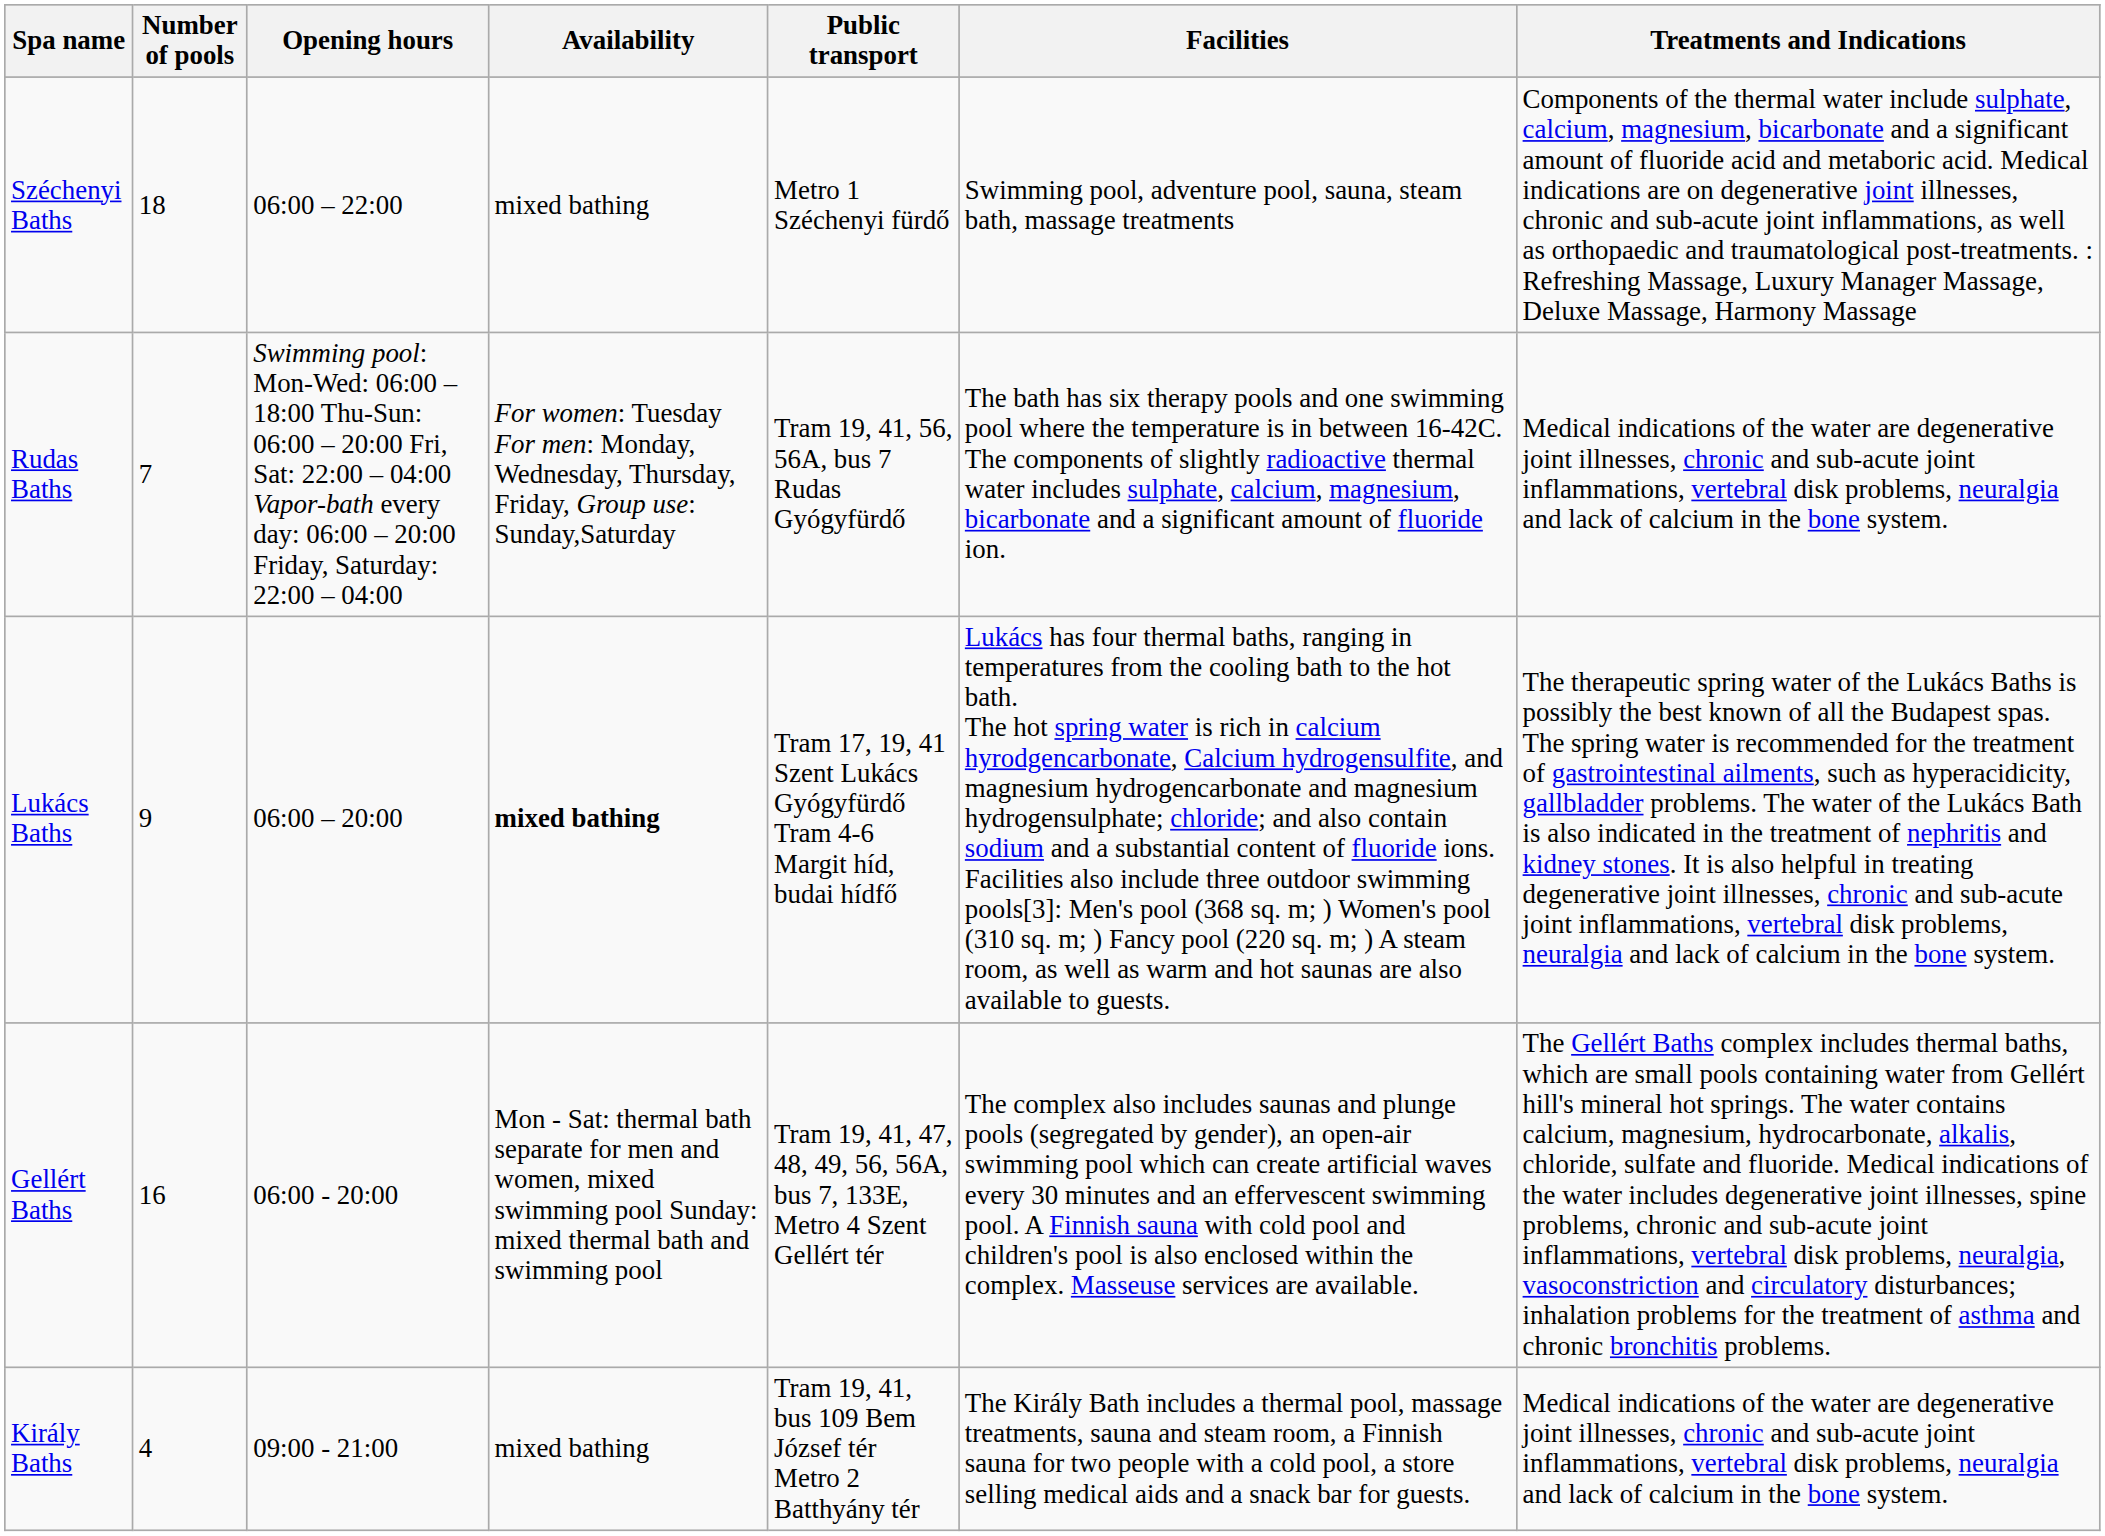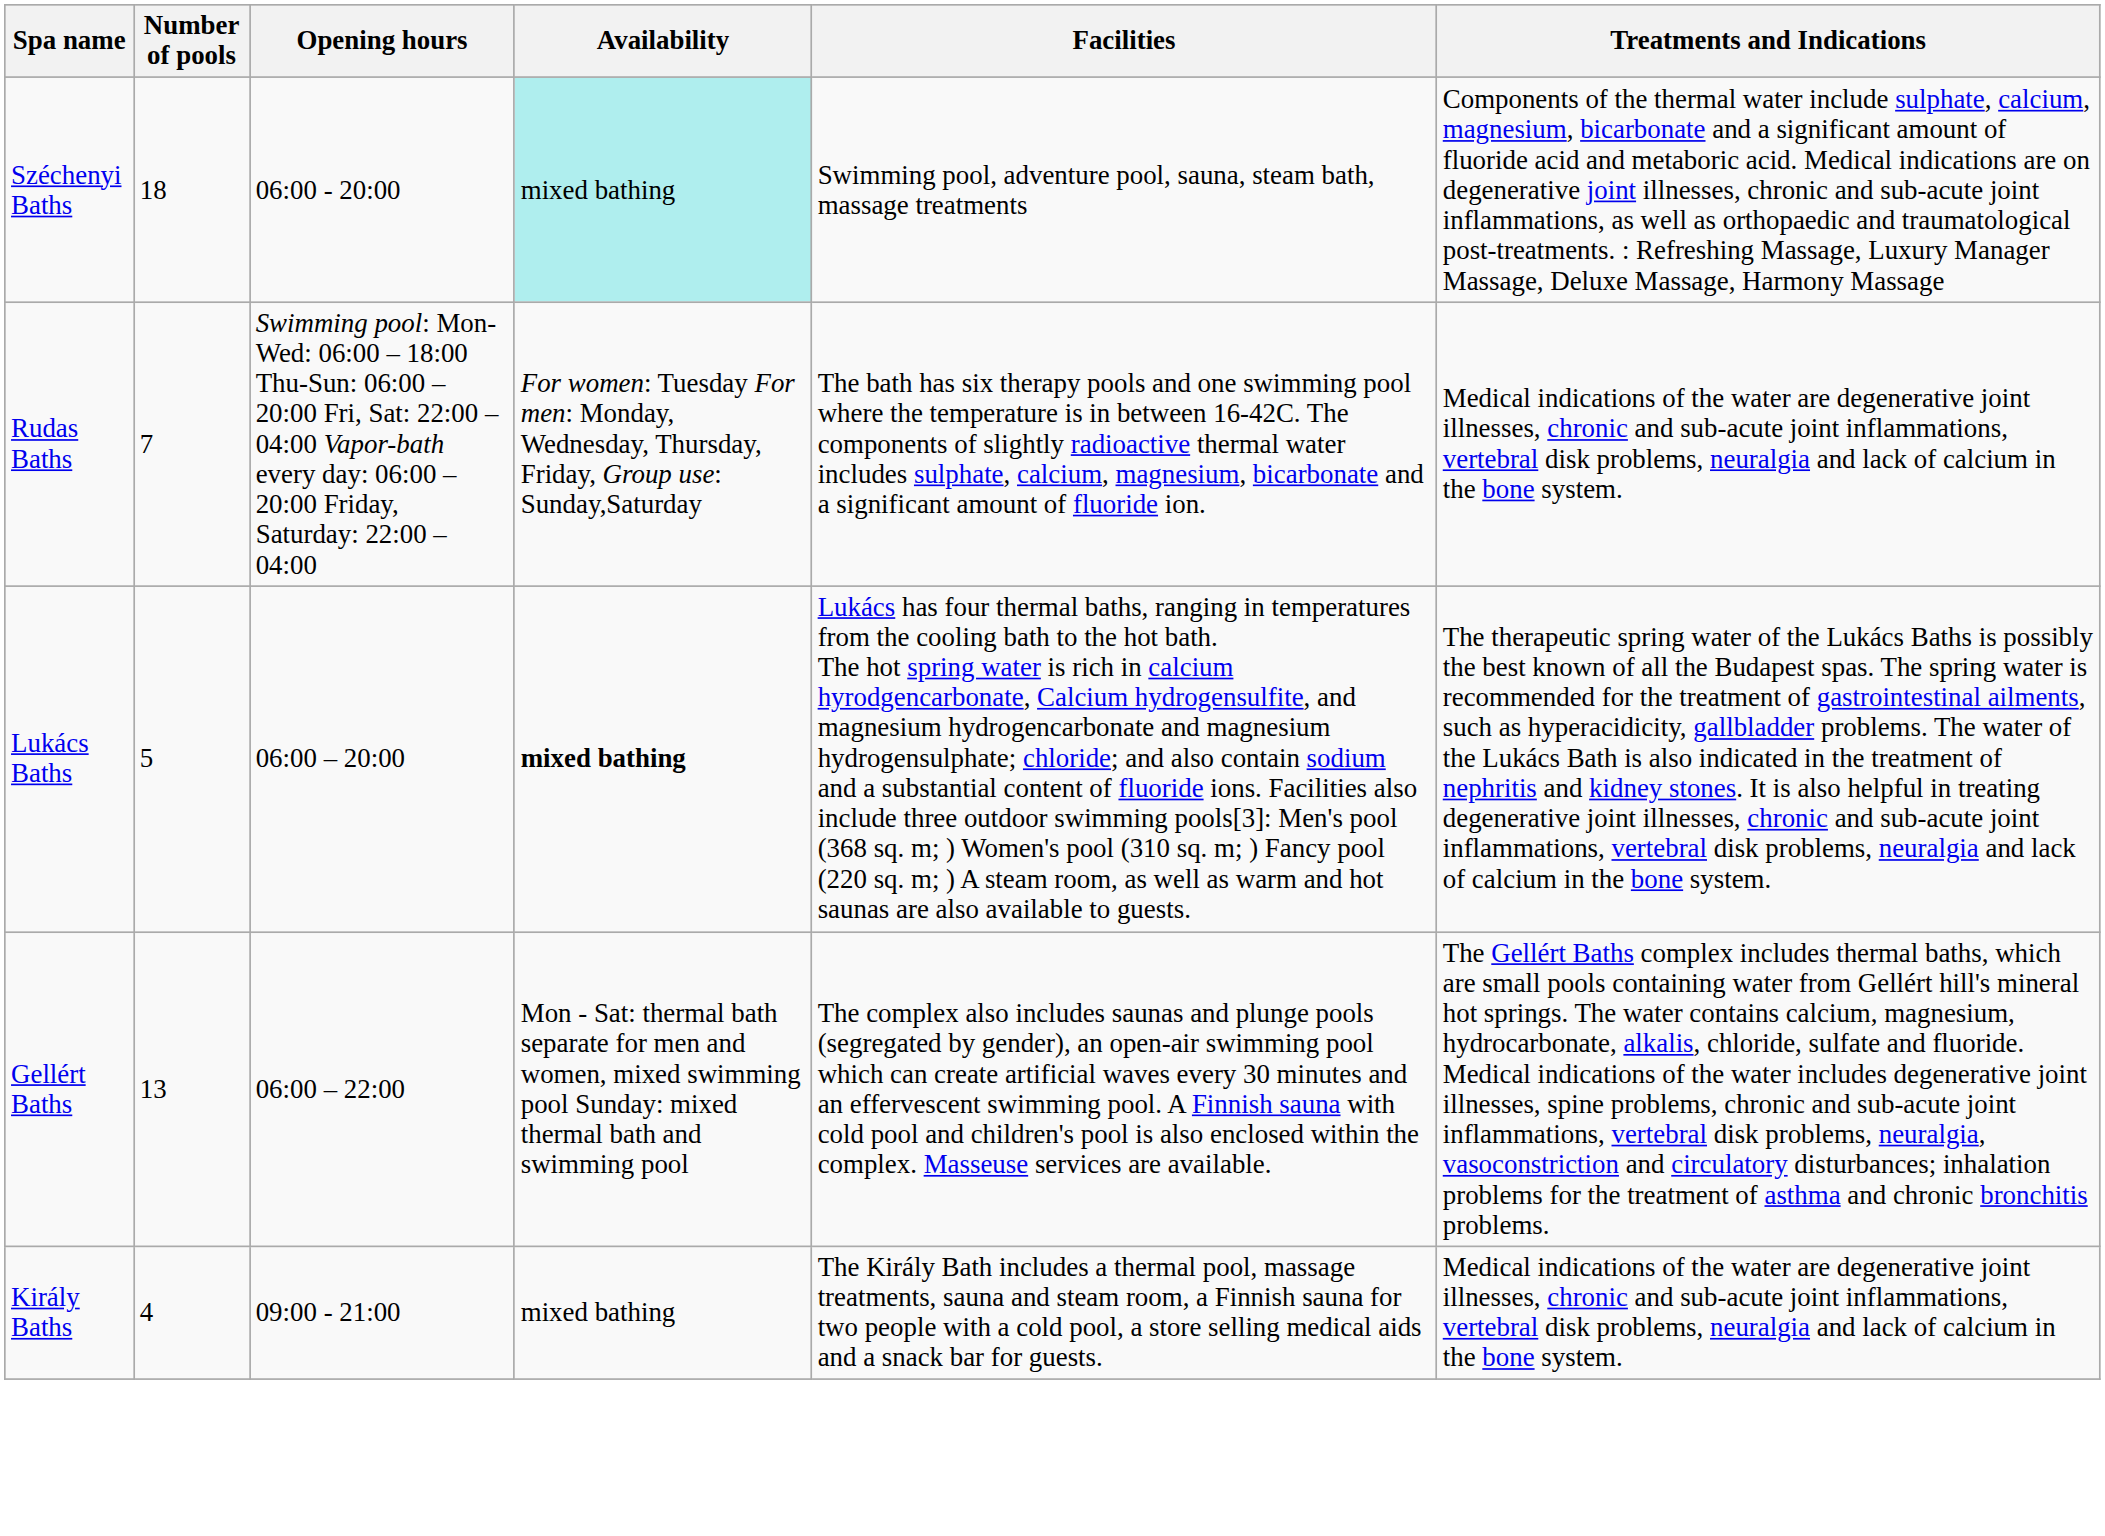 <table class="wikitable">
 <tr>
 <th>Spa name</th>
 <th>Number of pools</th>
 <th>Opening hours</th>
 <th>Availability</th>
-<th>Public transport</th>
 <th>Facilities</th>
 <th>Treatments and Indications</th>
 </tr>
 <tr>
 <td><a href='#'>Széchenyi Baths</a></td>
 <td>18</td>
-<td>06:00 – 22:00</td>
-<td>mixed bathing</td>
-<td>Metro 1 Széchenyi fürdő</td>
+<td>06:00 - 20:00</td>
+<td style="background: paleturquoise;">mixed bathing</td>
 <td>Swimming pool, adventure pool, sauna, steam bath, massage treatments</td>
 <td>Components of the thermal water include <a href='#'>sulphate</a>, <a href='#'>calcium</a>, <a href='#'>magnesium</a>, <a href='#'>bicarbonate</a> and a significant amount of fluoride acid and metaboric acid. Medical indications are on degenerative <a href='#'>joint</a> illnesses, chronic and sub-acute joint inflammations, as well as orthopaedic and traumatological post-treatments.  : Refreshing Massage, Luxury Manager Massage, Deluxe Massage, Harmony Massage</td>
 </tr>
 <tr>
 <td><a href='#'>Rudas Baths</a></td>
 <td>7</td>
 <td><em>Swimming pool</em>: Mon-Wed: 06:00 – 18:00 Thu-Sun: 06:00 – 20:00 Fri, Sat: 22:00 – 04:00 <em>Vapor-bath</em> every day: 06:00 – 20:00 Friday, Saturday: 22:00 – 04:00</td>
 <td><em>For women</em>: Tuesday <em>For men</em>: Monday, Wednesday, Thursday, Friday, <em>Group use</em>: Sunday,Saturday</td>
-<td>Tram 19, 41, 56, 56A, bus 7 Rudas Gyógyfürdő</td>
 <td>The bath has six therapy pools and one swimming pool where the temperature is in between 16-42C. The components of slightly <a href='#'>radioactive</a> thermal water includes <a href='#'>sulphate</a>, <a href='#'>calcium</a>, <a href='#'>magnesium</a>, <a href='#'>bicarbonate</a> and a significant amount of <a href='#'>fluoride</a> ion.</td>
 <td>Medical indications of the water are degenerative joint illnesses, <a href='#'>chronic</a> and sub-acute joint inflammations, <a href='#'>vertebral</a> disk problems, <a href='#'>neuralgia</a> and lack of calcium in the <a href='#'>bone</a> system.</td>
 </tr>
 <tr>
 <td><a href='#'>Lukács Baths</a></td>
-<td>9</td>
+<td>5</td>
 <td>06:00 – 20:00</td>
 <td><strong>mixed bathing</strong></td>
-<td>Tram 17, 19, 41 Szent Lukács Gyógyfürdő<br>Tram 4-6 Margit híd, budai hídfő</td>
 <td><a href='#'>Lukács</a> has four thermal baths, ranging in temperatures from the  cooling bath to the  hot bath.<br>The hot <a href='#'>spring water</a> is rich in <a href='#'>calcium hyrodgencarbonate</a>, <a href='#'>Calcium hydrogensulfite</a>, and magnesium hydrogencarbonate and magnesium hydrogensulphate; <a href='#'>chloride</a>; and also contain <a href='#'>sodium</a> and a substantial content of <a href='#'>fluoride</a> ions. Facilities also include three outdoor swimming pools[3]: Men's pool (368 sq. m; ) Women's pool (310 sq. m; ) Fancy pool (220 sq. m; ) A steam room, as well as warm and hot saunas are also available to guests.</td>
 <td>The therapeutic spring water of the Lukács Baths is possibly the best known of all the Budapest spas. The spring water is recommended for the treatment of <a href='#'>gastrointestinal ailments</a>, such as hyperacidicity, <a href='#'>gallbladder</a> problems. The water of the Lukács Bath is also indicated in the treatment of <a href='#'>nephritis</a> and <a href='#'>kidney stones</a>. It is also helpful in treating degenerative joint illnesses, <a href='#'>chronic</a> and sub-acute joint inflammations, <a href='#'>vertebral</a> disk problems, <a href='#'>neuralgia</a> and lack of calcium in the <a href='#'>bone</a> system.</td>
 </tr>
 <tr>
 <td><a href='#'>Gellért Baths</a></td>
-<td>16</td>
-<td>06:00 - 20:00</td>
+<td>13</td>
+<td>06:00 – 22:00</td>
 <td>Mon - Sat: thermal bath separate for men and women, mixed swimming pool Sunday: mixed thermal bath and swimming pool</td>
-<td>Tram 19, 41, 47, 48, 49, 56, 56A, bus 7, 133E, Metro 4 Szent Gellért tér</td>
 <td>The complex also includes saunas and plunge pools (segregated by gender), an open-air swimming pool which can create artificial waves every 30 minutes and an effervescent swimming pool. A <a href='#'>Finnish sauna</a> with cold pool and children's pool is also enclosed within the complex. <a href='#'>Masseuse</a> services are available.</td>
 <td>The <a href='#'>Gellért Baths</a> complex includes thermal baths, which are small pools containing water from Gellért hill's mineral hot springs. The water contains calcium, magnesium, hydrocarbonate, <a href='#'>alkalis</a>, chloride, sulfate and fluoride. Medical indications of the water includes degenerative joint illnesses, spine problems, chronic and sub-acute joint inflammations, <a href='#'>vertebral</a> disk problems, <a href='#'>neuralgia</a>, <a href='#'>vasoconstriction</a> and <a href='#'>circulatory</a> disturbances; inhalation problems for the treatment of <a href='#'>asthma</a> and chronic <a href='#'>bronchitis</a> problems.</td>
 </tr>
 <tr>
 <td><a href='#'>Király Baths</a></td>
 <td>4</td>
 <td>09:00 - 21:00</td>
 <td>mixed bathing</td>
-<td>Tram 19, 41, bus 109 Bem József tér<br>Metro 2 Batthyány tér</td>
 <td>The Király Bath includes a thermal pool, massage treatments, sauna and steam room, a Finnish sauna for two people with a cold pool, a store selling medical aids and a snack bar for guests.</td>
 <td>Medical indications of the water are degenerative joint illnesses, <a href='#'>chronic</a> and sub-acute joint inflammations, <a href='#'>vertebral</a> disk problems, <a href='#'>neuralgia</a> and lack of calcium in the <a href='#'>bone</a> system.</td>
 </tr>
 </table>
